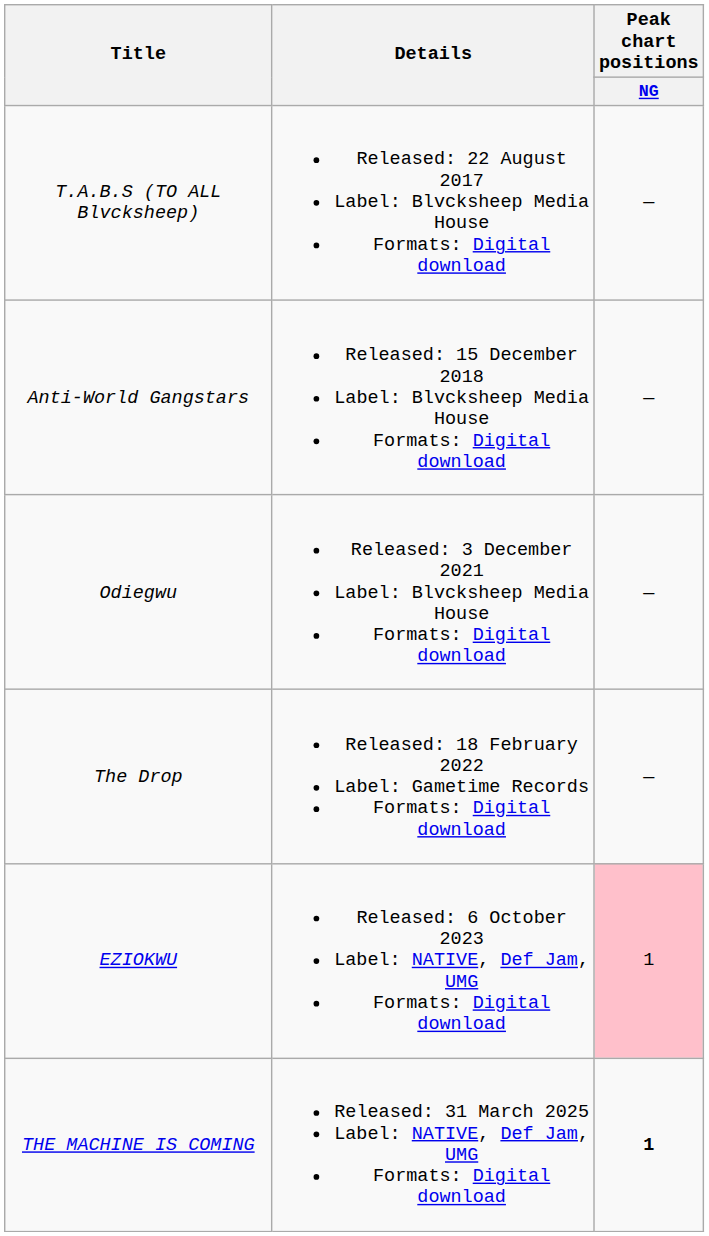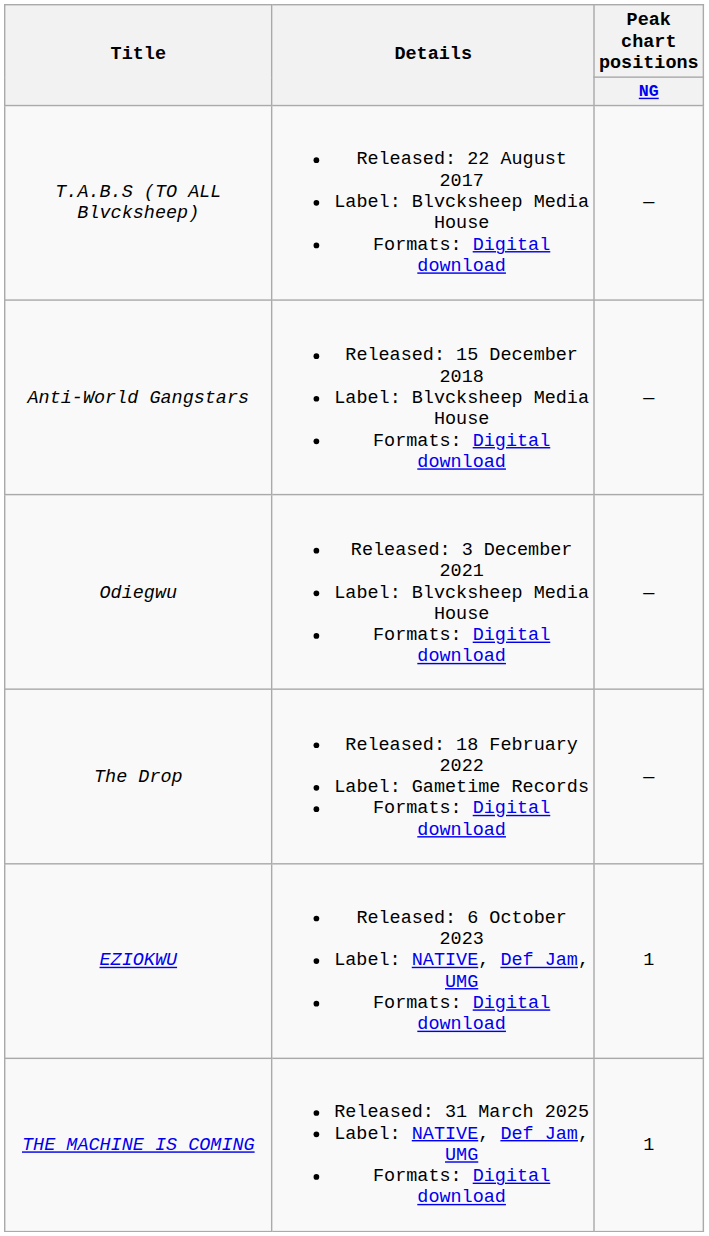 <table class="wikitable plainrowheaders" style="text-align:center;">
 <tr>
 <th scope="col" rowspan="2" style="width:14em;">Title</th>
 <th scope="col" rowspan="2" style="width:17em;">Details</th>
 <th scope="col" colspan="1">Peak chart positions</th>
 </tr>
 <tr>
 <th scope="col" style="width:2.8em;font-size:90%;"><a href='#'>NG</a><br></th>
 </tr>
 <tr>
 <td><em>T.A.B.S (TO ALL Blvcksheep)</em></td>
 <td><br><ul><li>Released: 22 August 2017</li><li>Label: Blvcksheep Media House</li><li>Formats: <a href='#'>Digital download</a></li></ul></td>
 <td>—</td>
 </tr>
 <tr>
 <td><em>Anti-World Gangstars</em></td>
 <td><br><ul><li>Released: 15 December 2018</li><li>Label: Blvcksheep Media House</li><li>Formats: <a href='#'>Digital download</a></li></ul></td>
 <td>—</td>
 </tr>
 <tr>
 <td><em>Odiegwu</em></td>
 <td><br><ul><li>Released: 3 December 2021</li><li>Label: Blvcksheep Media House</li><li>Formats: <a href='#'>Digital download</a></li></ul></td>
 <td>—</td>
 </tr>
 <tr>
 <td><em>The Drop</em></td>
 <td><br><ul><li>Released: 18 February 2022</li><li>Label: Gametime Records</li><li>Formats: <a href='#'>Digital download</a></li></ul></td>
 <td>—</td>
 </tr>
 <tr>
 <td><em><a href='#'>EZIOKWU</a></em></td>
 <td><br><ul><li>Released: 6 October 2023</li><li>Label: <a href='#'>NATIVE</a>, <a href='#'>Def Jam</a>, <a href='#'>UMG</a></li><li>Formats: <a href='#'>Digital download</a></li></ul></td>
-<td style="background: pink;">1</td>
+<td>1</td>
 </tr>
 <tr>
 <td><em><a href='#'>THE MACHINE IS COMING</a></em></td>
 <td><br><ul><li>Released: 31 March 2025</li><li>Label: <a href='#'>NATIVE</a>, <a href='#'>Def Jam</a>, <a href='#'>UMG</a></li><li>Formats: <a href='#'>Digital download</a></li></ul></td>
-<td><strong>1</strong></td>
+<td>1</td>
 </tr>
 </table>
